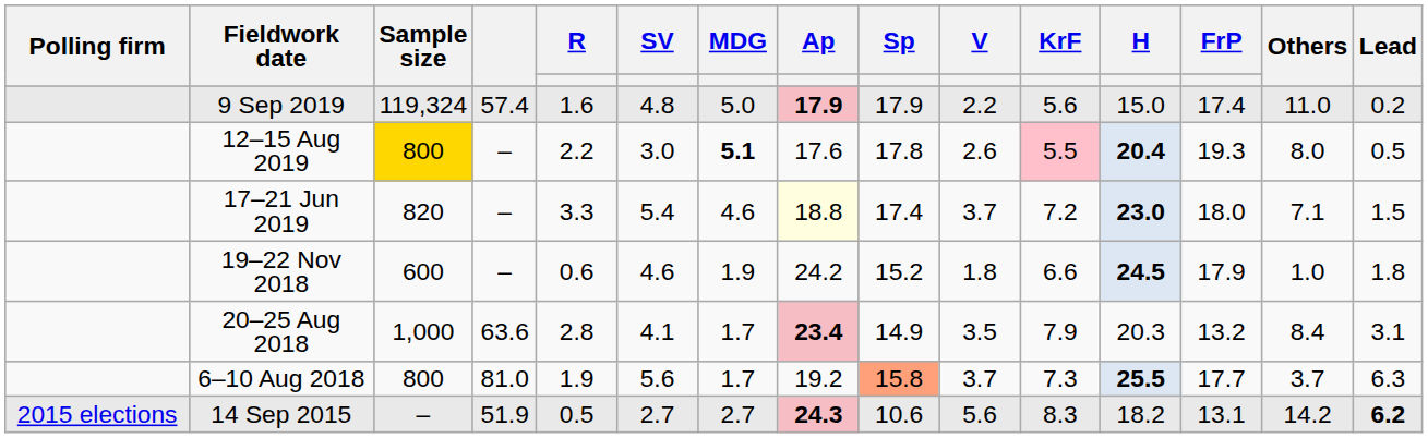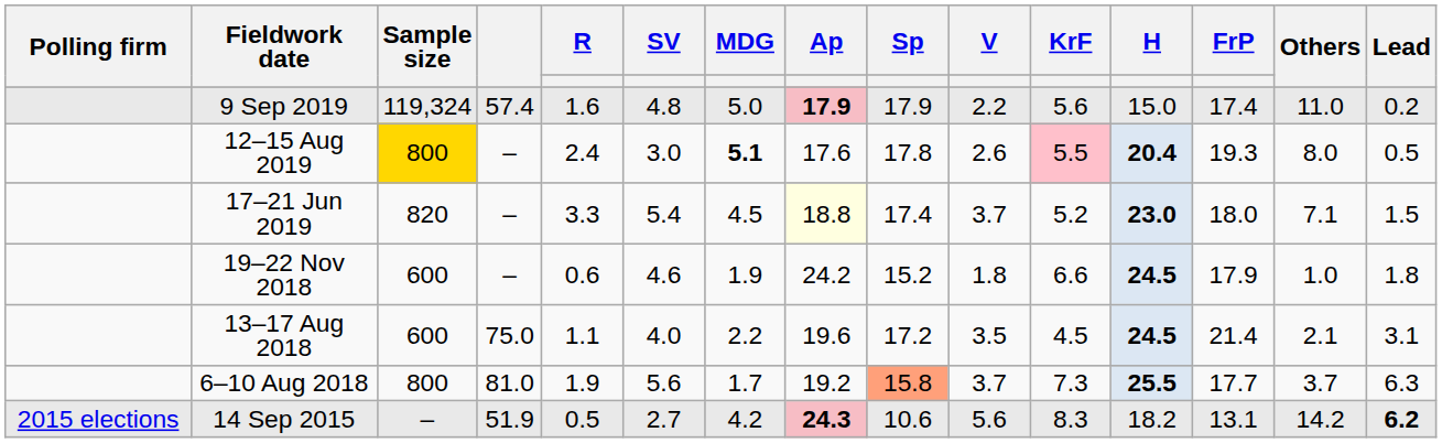 <table class="wikitable sortable" style="text-align:center;font-size:90%;line-height:14px;">
 <tr style="height:40px;">
 <th style="width:100px;" rowspan="2">Polling firm</th>
 <th style="width:100px;" rowspan="2">Fieldwork date</th>
 <th style="width:35px;" rowspan="2">Sample<br>size</th>
 <th style="width:30px;" rowspan="2"></th>
 <th class="unsortable" style="width:40px;"><a href='#'>R</a></th>
 <th class="unsortable" style="width:40px;"><a href='#'>SV</a></th>
 <th class="unsortable" style="width:40px;"><a href='#'>MDG</a></th>
 <th class="unsortable" style="width:40px;"><a href='#'>Ap</a></th>
 <th class="unsortable" style="width:40px;"><a href='#'>Sp</a></th>
 <th class="unsortable" style="width:40px;"><a href='#'>V</a></th>
 <th class="unsortable" style="width:40px;"><a href='#'>KrF</a></th>
 <th class="unsortable" style="width:40px;"><a href='#'>H</a></th>
 <th class="unsortable" style="width:40px;"><a href='#'>FrP</a></th>
 <th class="unsortable" style="width:30px;" rowspan="2">Others</th>
 <th style="width:30px;" rowspan="2">Lead</th>
 </tr>
 <tr>
 <th style="background:"></th>
 <th style="background:"></th>
 <th style="background:"></th>
 <th style="background:"></th>
 <th style="background:"></th>
 <th style="background:"></th>
 <th style="background:"></th>
 <th style="background:"></th>
 <th style="background:"></th>
 </tr>
 <tr style="background:#E9E9E9;">
 <td></td>
 <td data-sort-value="2019-09-09">9 Sep 2019</td>
 <td>119,324</td>
 <td>57.4</td>
 <td>1.6</td>
 <td>4.8</td>
 <td>5.0</td>
 <td style="background:#F7BDC5;"><strong>17.9</strong></td>
 <td>17.9</td>
 <td>2.2</td>
 <td>5.6</td>
 <td>15.0</td>
 <td>17.4</td>
 <td>11.0</td>
 <td style="background:">0.2</td>
 </tr>
 <tr>
 <td></td>
 <td data-sort-value="2019-08-19">12–15 Aug 2019</td>
 <td style="background: gold;">800</td>
 <td>–</td>
-<td>2.2</td>
+<td>2.4</td>
 <td>3.0</td>
 <td><strong>5.1</strong></td>
 <td>17.6</td>
 <td>17.8</td>
 <td>2.6</td>
 <td style="background: pink;">5.5</td>
 <td style="background:#DCE7F3;"><strong>20.4</strong></td>
 <td>19.3</td>
 <td>8.0</td>
 <td style="background:">0.5</td>
 </tr>
 <tr>
 <td></td>
 <td data-sort-value="2019-06-21">17–21 Jun 2019</td>
 <td>820</td>
 <td>–</td>
 <td>3.3</td>
 <td>5.4</td>
-<td>4.6</td>
+<td>4.5</td>
 <td style="background: lightyellow;">18.8</td>
 <td>17.4</td>
 <td>3.7</td>
-<td>7.2</td>
+<td>5.2</td>
 <td style="background:#DCE7F3;"><strong>23.0</strong></td>
 <td>18.0</td>
 <td>7.1</td>
 <td style="background:">1.5</td>
 </tr>
 <tr>
 <td></td>
 <td data-sort-value="2018-11-22">19–22 Nov 2018</td>
 <td>600</td>
 <td>–</td>
 <td>0.6</td>
 <td>4.6</td>
 <td>1.9</td>
 <td>24.2</td>
 <td>15.2</td>
 <td>1.8</td>
 <td>6.6</td>
 <td style="background:#DCE7F3;"><strong>24.5</strong></td>
 <td>17.9</td>
 <td>1.0</td>
 <td style="background:">1.8</td>
 </tr>
 <tr>
 <td></td>
-<td data-sort-value="2018-08-25">20–25 Aug 2018</td>
-<td>1,000</td>
-<td>63.6</td>
-<td>2.8</td>
-<td>4.1</td>
-<td>1.7</td>
-<td style="background:#F7BDC5;"><strong>23.4</strong></td>
-<td>14.9</td>
+<td data-sort-value="2018-08-17">13–17 Aug 2018</td>
+<td>600</td>
+<td>75.0</td>
+<td>1.1</td>
+<td>4.0</td>
+<td>2.2</td>
+<td>19.6</td>
+<td>17.2</td>
 <td>3.5</td>
-<td>7.9</td>
-<td>20.3</td>
-<td>13.2</td>
-<td>8.4</td>
+<td>4.5</td>
+<td style="background:#DCE7F3;"><strong>24.5</strong></td>
+<td>21.4</td>
+<td>2.1</td>
 <td style="background:">3.1</td>
 </tr>
 <tr>
 <td></td>
 <td data-sort-value="2018-08-10">6–10 Aug 2018</td>
 <td>800</td>
 <td>81.0</td>
 <td>1.9</td>
 <td>5.6</td>
 <td>1.7</td>
 <td>19.2</td>
 <td style="background: lightsalmon;">15.8</td>
 <td>3.7</td>
 <td>7.3</td>
 <td style="background:#DCE7F3;"><strong>25.5</strong></td>
 <td>17.7</td>
 <td>3.7</td>
 <td style="background:">6.3</td>
 </tr>
 <tr style="background:#E9E9E9;">
 <td><a href='#'>2015 elections</a></td>
 <td data-sort-value="2015-09-14">14 Sep 2015</td>
 <td>–</td>
 <td>51.9</td>
 <td>0.5</td>
 <td>2.7</td>
-<td>2.7</td>
+<td>4.2</td>
 <td style="background:#F7BDC5;"><strong>24.3</strong></td>
 <td>10.6</td>
 <td>5.6</td>
 <td>8.3</td>
 <td>18.2</td>
 <td>13.1</td>
 <td>14.2</td>
 <td style="background:"><strong>6.2</strong></td>
 </tr>
 </table>
